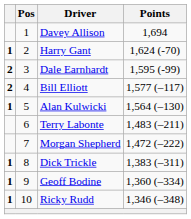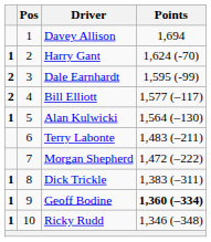 <table class="wikitable" style="font-size: 95%;">
 <tr>
 <th></th>
 <th>Pos</th>
 <th>Driver</th>
 <th>Points</th>
 </tr>
 <tr>
 <td align="left"></td>
 <td style="text-align:center;">1</td>
 <td><a href='#'>Davey Allison</a></td>
 <td style="text-align:center;">1,694</td>
 </tr>
 <tr>
 <td align="left"> <strong>1</strong></td>
 <td style="text-align:center;">2</td>
 <td><a href='#'>Harry Gant</a></td>
 <td style="text-align:center;">1,624 (-70)</td>
 </tr>
 <tr>
 <td align="left"> <strong>2</strong></td>
 <td style="text-align:center;">3</td>
 <td><a href='#'>Dale Earnhardt</a></td>
 <td style="text-align:center;">1,595 (-99)</td>
 </tr>
 <tr>
 <td align="left"> <strong>2</strong></td>
 <td style="text-align:center;">4</td>
 <td><a href='#'>Bill Elliott</a></td>
 <td style="text-align:center;">1,577 (–117)</td>
 </tr>
 <tr>
 <td align="left"> <strong>1</strong></td>
 <td style="text-align:center;">5</td>
 <td><a href='#'>Alan Kulwicki</a></td>
 <td style="text-align:center;">1,564 (–130)</td>
 </tr>
 <tr>
 <td align="left"></td>
 <td style="text-align:center;">6</td>
 <td><a href='#'>Terry Labonte</a></td>
 <td style="text-align:center;">1,483 (–211)</td>
 </tr>
 <tr>
 <td align="left"></td>
 <td style="text-align:center;">7</td>
 <td><a href='#'>Morgan Shepherd</a></td>
 <td style="text-align:center;">1,472 (–222)</td>
 </tr>
 <tr>
 <td align="left"> <strong>1</strong></td>
 <td style="text-align:center;">8</td>
 <td><a href='#'>Dick Trickle</a></td>
 <td style="text-align:center;">1,383 (–311)</td>
 </tr>
 <tr>
 <td align="left"> <strong>1</strong></td>
 <td style="text-align:center;">9</td>
 <td><a href='#'>Geoff Bodine</a></td>
-<td style="text-align:center;">1,360 (–334)</td>
+<td style="text-align:center;"><strong>1,360 (–334)</strong></td>
 </tr>
 <tr>
 <td align="left"> <strong>1</strong></td>
 <td style="text-align:center;">10</td>
 <td><a href='#'>Ricky Rudd</a></td>
 <td style="text-align:center;">1,346 (–348)</td>
 </tr>
 <tr class="sortbottom">
 <th colspan="9"></th>
 </tr>
 </table>
